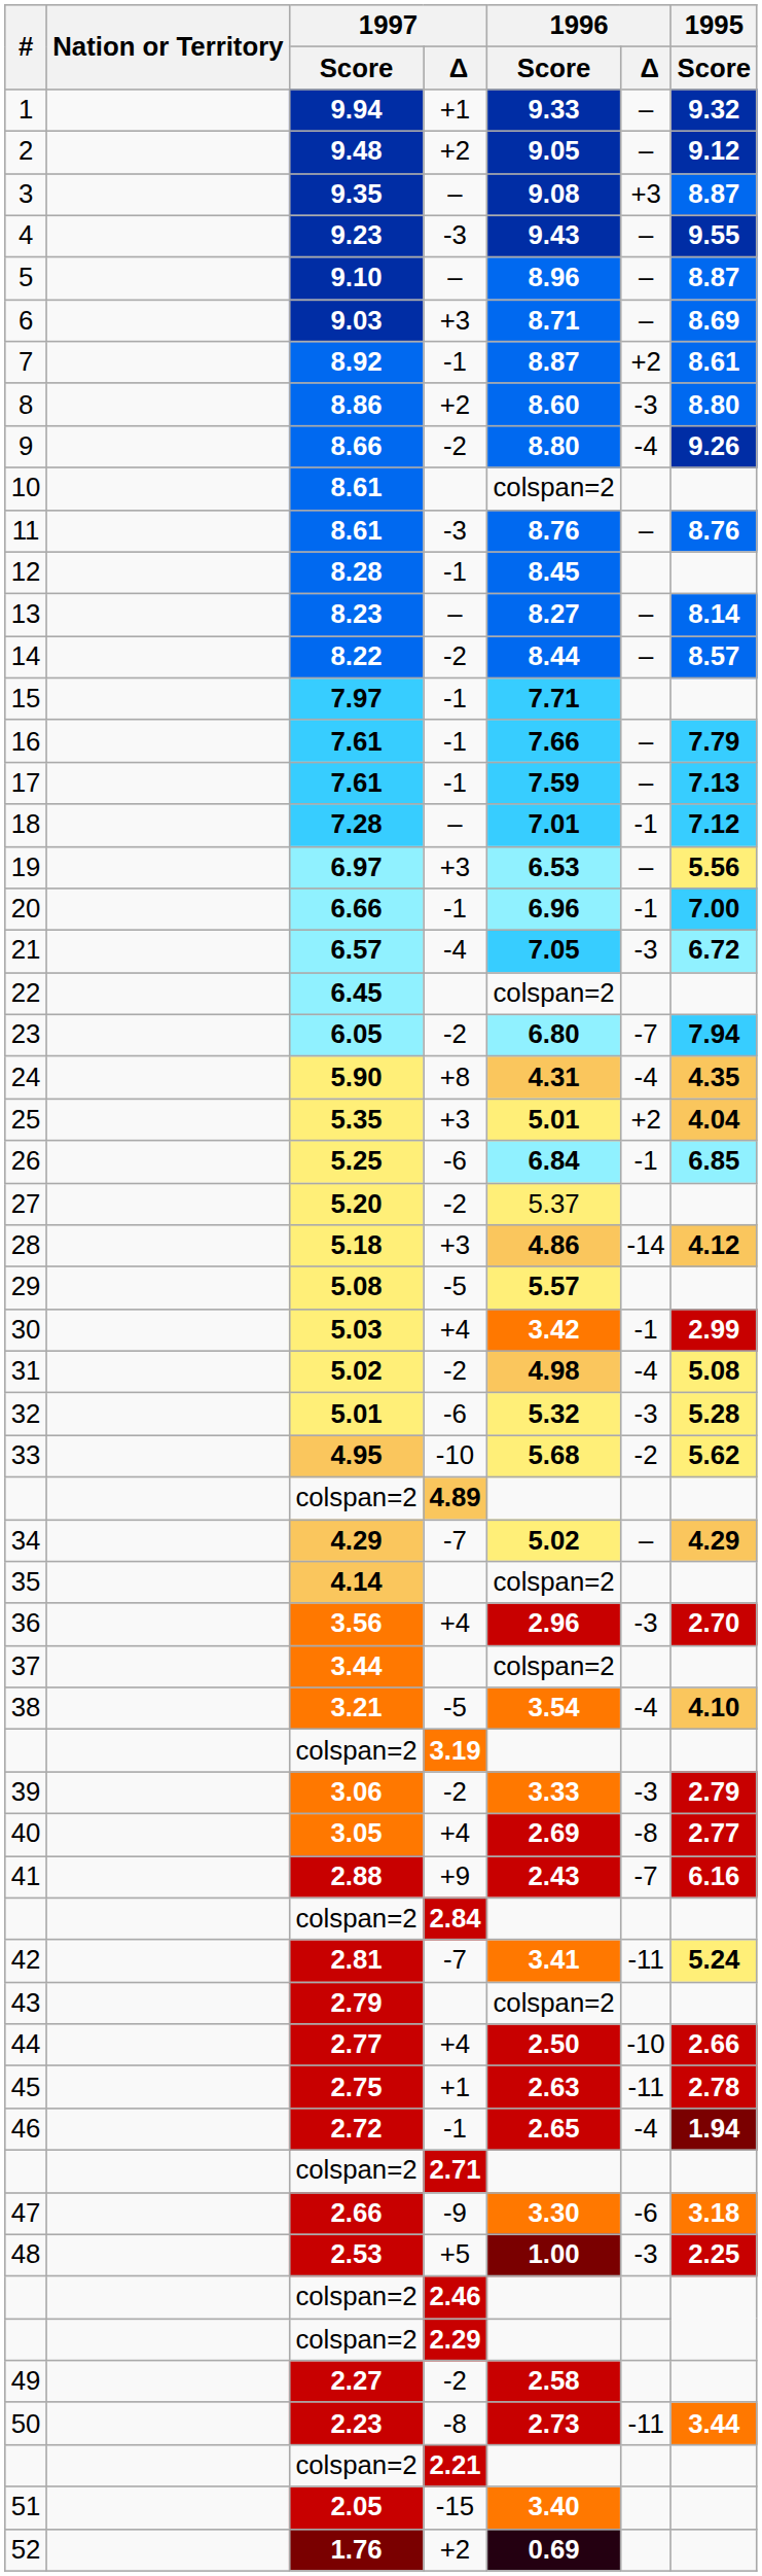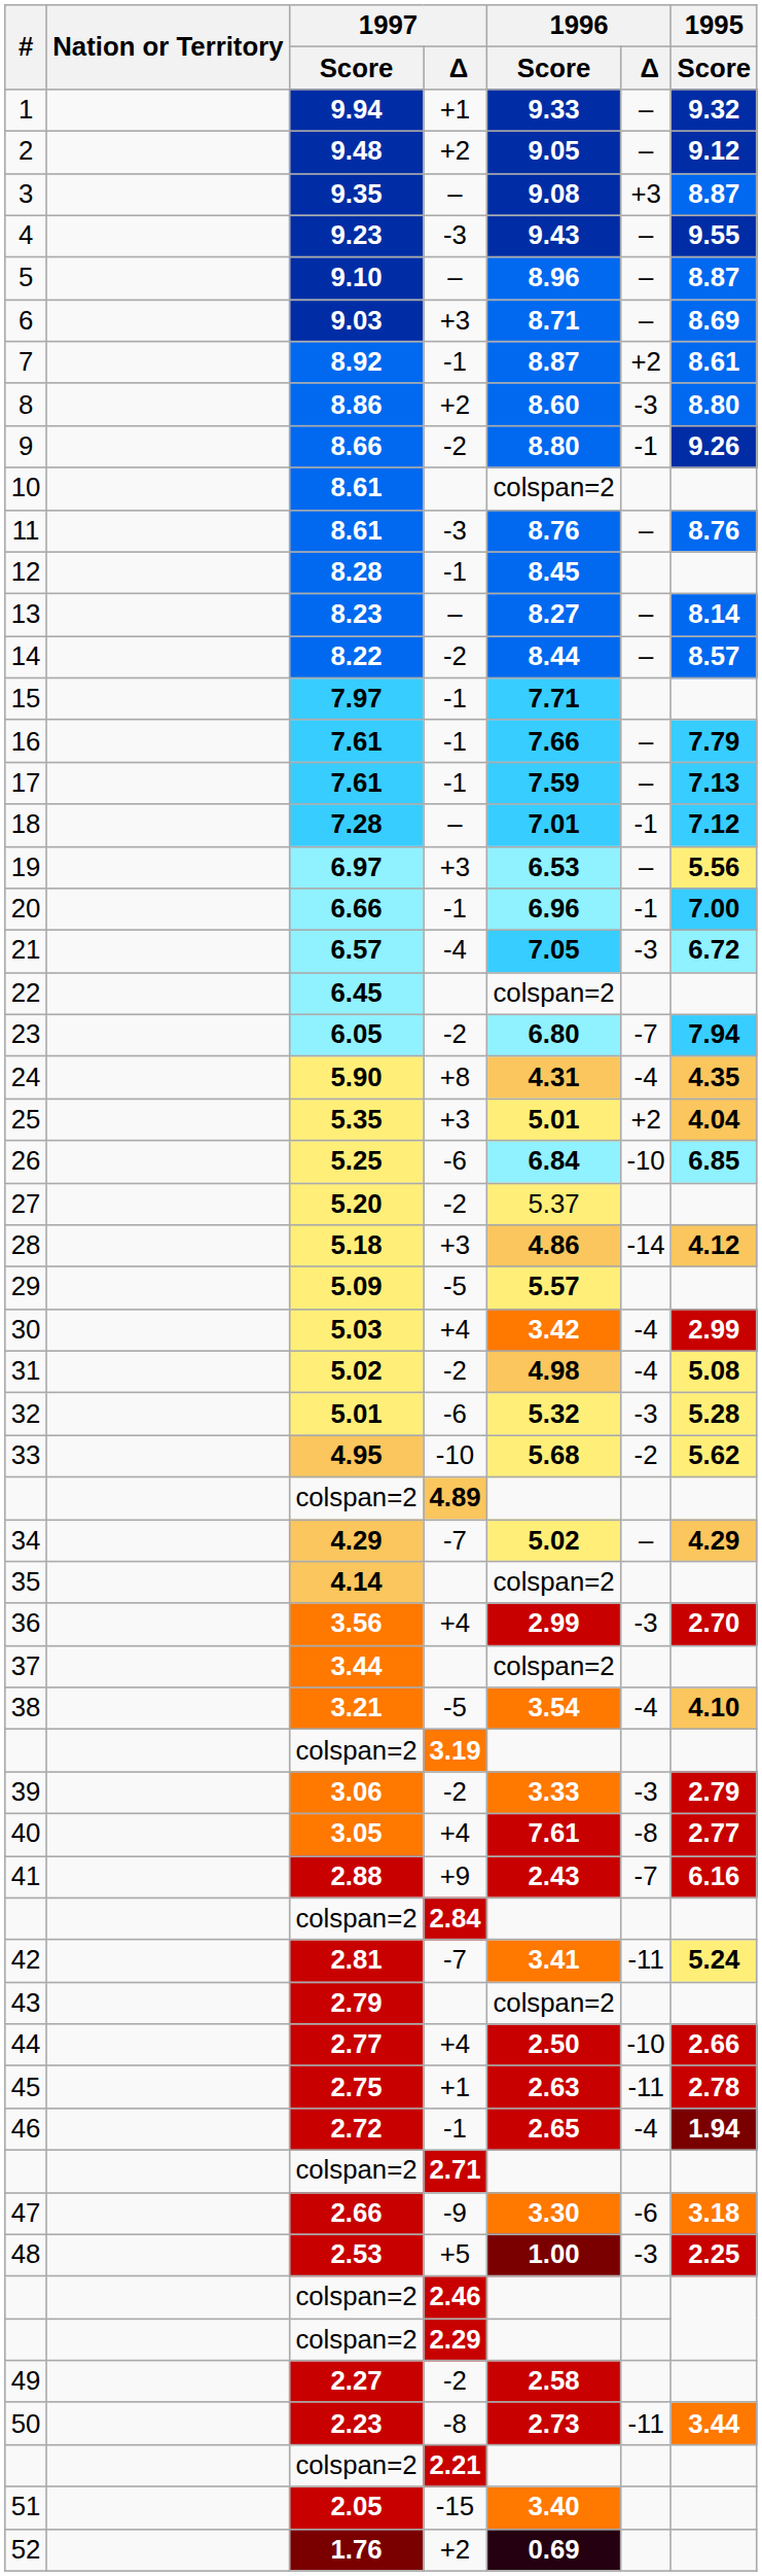 <table class="mw-datatable wikitable sortable sticky-header-multi" style="text-align:center;">
 <tr>
 <th rowspan="2">#</th>
 <th rowspan="2">Nation or Territory</th>
 <th colspan="2">1997</th>
 <th colspan="2">1996</th>
 <th colspan="1">1995</th>
 </tr>
 <tr>
 <th>Score</th>
 <th> Δ</th>
 <th>Score</th>
 <th> Δ</th>
 <th>Score</th>
 </tr>
 <tr>
 <td>1</td>
 <td style="text-align:left;"></td>
 <td style="background: #002da5; color:white"><strong>9.94</strong></td>
 <td data-sort-value="1">+1</td>
 <td style="background: #002da5; color:white"><strong>9.33</strong></td>
 <td data-sort-value="0">–</td>
 <td style="background: #002da5; color:white"><strong>9.32</strong></td>
 </tr>
 <tr>
 <td>2</td>
 <td style="text-align:left;"></td>
 <td style="background: #002da5; color:white"><strong>9.48</strong></td>
 <td data-sort-value="2">+2</td>
 <td style="background: #002da5; color:white"><strong>9.05</strong></td>
 <td data-sort-value="0">–</td>
 <td style="background: #002da5; color:white"><strong>9.12</strong></td>
 </tr>
 <tr>
 <td>3</td>
 <td style="text-align:left;"></td>
 <td style="background: #002da5; color:white"><strong>9.35</strong></td>
 <td data-sort-value="0">–</td>
 <td style="background: #002da5; color:white"><strong>9.08</strong></td>
 <td data-sort-value="3">+3</td>
 <td style="background: #0069f0; color:white"><strong>8.87</strong></td>
 </tr>
 <tr>
 <td>4</td>
 <td style="text-align:left;"></td>
 <td style="background: #002da5; color:white"><strong>9.23</strong></td>
 <td data-sort-value="-3">-3</td>
 <td style="background: #002da5; color:white"><strong>9.43</strong></td>
 <td data-sort-value="0">–</td>
 <td style="background: #002da5; color:white"><strong>9.55</strong></td>
 </tr>
 <tr>
 <td>5</td>
 <td style="text-align:left;"></td>
 <td style="background: #002da5; color:white"><strong>9.10</strong></td>
 <td data-sort-value="0">–</td>
 <td style="background: #0069f0; color:white"><strong>8.96</strong></td>
 <td data-sort-value="0">–</td>
 <td style="background: #0069f0; color:white"><strong>8.87</strong></td>
 </tr>
 <tr>
 <td>6</td>
 <td style="text-align:left;"></td>
 <td style="background: #002da5; color:white"><strong>9.03</strong></td>
 <td data-sort-value="3">+3</td>
 <td style="background: #0069f0; color:white"><strong>8.71</strong></td>
 <td data-sort-value="0">–</td>
 <td style="background: #0069f0; color:white"><strong>8.69</strong></td>
 </tr>
 <tr>
 <td>7</td>
 <td style="text-align:left;"></td>
 <td style="background: #0069f0; color:white"><strong>8.92</strong></td>
 <td data-sort-value="-1">-1</td>
 <td style="background: #0069f0; color:white"><strong>8.87</strong></td>
 <td data-sort-value="2">+2</td>
 <td style="background: #0069f0; color:white"><strong>8.61</strong></td>
 </tr>
 <tr>
 <td>8</td>
 <td style="text-align:left;"></td>
 <td style="background: #0069f0; color:white"><strong>8.86</strong></td>
 <td data-sort-value="2">+2</td>
 <td style="background: #0069f0; color:white"><strong>8.60</strong></td>
 <td data-sort-value="-3">-3</td>
 <td style="background: #0069f0; color:white"><strong>8.80</strong></td>
 </tr>
 <tr>
 <td>9</td>
 <td style="text-align:left;"></td>
 <td style="background: #0069f0; color:white"><strong>8.66</strong></td>
 <td data-sort-value="-2">-2</td>
 <td style="background: #0069f0; color:white"><strong>8.80</strong></td>
-<td data-sort-value="-4">-4</td>
+<td data-sort-value="-1">-1</td>
 <td style="background: #002da5; color:white"><strong>9.26</strong></td>
 </tr>
 <tr>
 <td>10</td>
 <td style="text-align:left;"></td>
 <td style="background: #0069f0; color:white"><strong>8.61</strong></td>
 <td></td>
 <td>colspan=2 </td>
 <td></td>
 </tr>
 <tr>
 <td>11</td>
 <td style="text-align:left;"></td>
 <td style="background: #0069f0; color:white"><strong>8.61</strong></td>
 <td data-sort-value="-3">-3</td>
 <td style="background: #0069f0; color:white"><strong>8.76</strong></td>
 <td data-sort-value="0">–</td>
 <td style="background: #0069f0; color:white"><strong>8.76</strong></td>
 </tr>
 <tr>
 <td>12</td>
 <td style="text-align:left;"></td>
 <td style="background: #0069f0; color:white"><strong>8.28</strong></td>
 <td data-sort-value="-1">-1</td>
 <td style="background: #0069f0; color:white"><strong>8.45</strong></td>
 <td></td>
 <td></td>
 </tr>
 <tr>
 <td>13</td>
 <td style="text-align:left;"></td>
 <td style="background: #0069f0; color:white"><strong>8.23</strong></td>
 <td data-sort-value="0">–</td>
 <td style="background: #0069f0; color:white"><strong>8.27</strong></td>
 <td data-sort-value="0">–</td>
 <td style="background: #0069f0; color:white"><strong>8.14</strong></td>
 </tr>
 <tr>
 <td>14</td>
 <td style="text-align:left;"></td>
 <td style="background: #0069f0; color:white"><strong>8.22</strong></td>
 <td data-sort-value="-2">-2</td>
 <td style="background: #0069f0; color:white"><strong>8.44</strong></td>
 <td data-sort-value="0">–</td>
 <td style="background: #0069f0; color:white"><strong>8.57</strong></td>
 </tr>
 <tr>
 <td>15</td>
 <td style="text-align:left;"></td>
 <td style="background: #37cdff; color:black"><strong>7.97</strong></td>
 <td data-sort-value="-1">-1</td>
 <td style="background: #37cdff; color:black"><strong>7.71</strong></td>
 <td></td>
 <td></td>
 </tr>
 <tr>
 <td>16</td>
 <td style="text-align:left;"></td>
 <td style="background: #37cdff; color:black"><strong>7.61</strong></td>
 <td data-sort-value="-1">-1</td>
 <td style="background: #37cdff; color:black"><strong>7.66</strong></td>
 <td data-sort-value="0">–</td>
 <td style="background: #37cdff; color:black"><strong>7.79</strong></td>
 </tr>
 <tr>
 <td>17</td>
 <td style="text-align:left;"></td>
 <td style="background: #37cdff; color:black"><strong>7.61</strong></td>
 <td data-sort-value="-1">-1</td>
 <td style="background: #37cdff; color:black"><strong>7.59</strong></td>
 <td data-sort-value="0">–</td>
 <td style="background: #37cdff; color:black"><strong>7.13</strong></td>
 </tr>
 <tr>
 <td>18</td>
 <td style="text-align:left;"></td>
 <td style="background: #37cdff; color:black"><strong>7.28</strong></td>
 <td data-sort-value="0">–</td>
 <td style="background: #37cdff; color:black"><strong>7.01</strong></td>
 <td data-sort-value="-1">-1</td>
 <td style="background: #37cdff; color:black"><strong>7.12</strong></td>
 </tr>
 <tr>
 <td>19</td>
 <td style="text-align:left;"></td>
 <td style="background: #90f1ff"><strong>6.97</strong></td>
 <td data-sort-value="3">+3</td>
 <td style="background: #90f1ff"><strong>6.53</strong></td>
 <td data-sort-value="0">–</td>
 <td style="background: #ffef78"><strong>5.56</strong></td>
 </tr>
 <tr>
 <td>20</td>
 <td style="text-align:left;"></td>
 <td style="background: #90f1ff"><strong>6.66</strong></td>
 <td data-sort-value="-1">-1</td>
 <td style="background: #90f1ff"><strong>6.96</strong></td>
 <td data-sort-value="-1">-1</td>
 <td style="background: #37cdff; color:black"><strong>7.00</strong></td>
 </tr>
 <tr>
 <td>21</td>
 <td style="text-align:left;"></td>
 <td style="background: #90f1ff"><strong>6.57</strong></td>
 <td data-sort-value="-4">-4</td>
 <td style="background: #37cdff; color:black"><strong>7.05</strong></td>
 <td data-sort-value="-3">-3</td>
 <td style="background: #90f1ff"><strong>6.72</strong></td>
 </tr>
 <tr>
 <td>22</td>
 <td style="text-align:left;"></td>
 <td style="background: #90f1ff"><strong>6.45</strong></td>
 <td></td>
 <td>colspan=2 </td>
 <td></td>
 </tr>
 <tr>
 <td>23</td>
 <td style="text-align:left;"></td>
 <td style="background: #90f1ff"><strong>6.05</strong></td>
 <td data-sort-value="-2">-2</td>
 <td style="background: #90f1ff"><strong>6.80</strong></td>
 <td data-sort-value="-7">-7</td>
 <td style="background: #37cdff; color:black"><strong>7.94</strong></td>
 </tr>
 <tr>
 <td>24</td>
 <td style="text-align:left;"></td>
 <td style="background: #ffef78"><strong>5.90</strong></td>
 <td data-sort-value="8">+8</td>
 <td style="background: #fac65d"><strong>4.31</strong></td>
 <td data-sort-value="-4">-4</td>
 <td style="background: #fac65d"><strong>4.35</strong></td>
 </tr>
 <tr>
 <td>25</td>
 <td style="text-align:left;"></td>
 <td style="background: #ffef78"><strong>5.35</strong></td>
 <td data-sort-value="3">+3</td>
 <td style="background: #ffef78"><strong>5.01</strong></td>
 <td data-sort-value="2">+2</td>
 <td style="background: #fac65d"><strong>4.04</strong></td>
 </tr>
 <tr>
 <td>26</td>
 <td style="text-align:left;"></td>
 <td style="background: #ffef78"><strong>5.25</strong></td>
 <td data-sort-value="-6">-6</td>
 <td style="background: #90f1ff"><strong>6.84</strong></td>
-<td data-sort-value="-1">-1</td>
+<td data-sort-value="-10">-10</td>
 <td style="background: #90f1ff"><strong>6.85</strong></td>
 </tr>
 <tr>
 <td>27</td>
 <td style="text-align:left;"></td>
 <td style="background: #ffef78"><strong>5.20</strong></td>
 <td data-sort-value="-2">-2</td>
 <td style="background: #ffef78">5.37</td>
 <td></td>
 <td></td>
 </tr>
 <tr>
 <td>28</td>
 <td style="text-align:left;"></td>
 <td style="background: #ffef78"><strong>5.18</strong></td>
 <td data-sort-value="3">+3</td>
 <td style="background: #fac65d"><strong>4.86</strong></td>
 <td data-sort-value="-14">-14</td>
 <td style="background: #fac65d"><strong>4.12</strong></td>
 </tr>
 <tr>
 <td>29</td>
 <td style="text-align:left;"></td>
-<td style="background: #ffef78"><strong>5.08</strong></td>
+<td style="background: #ffef78"><strong>5.09</strong></td>
 <td data-sort-value="-5">-5</td>
 <td style="background: #ffef78"><strong>5.57</strong></td>
 <td></td>
 <td></td>
 </tr>
 <tr>
 <td>30</td>
 <td style="text-align:left;"></td>
 <td style="background: #ffef78"><strong>5.03</strong></td>
 <td data-sort-value="4">+4</td>
 <td style="background: #ff7800; color:white"><strong>3.42</strong></td>
-<td data-sort-value="-1">-1</td>
+<td data-sort-value="-4">-4</td>
 <td style="background: #c80000; color:white"><strong>2.99</strong></td>
 </tr>
 <tr>
 <td>31</td>
 <td style="text-align:left;"></td>
 <td style="background: #ffef78"><strong>5.02</strong></td>
 <td data-sort-value="-2">-2</td>
 <td style="background: #fac65d"><strong>4.98</strong></td>
 <td data-sort-value="-4">-4</td>
 <td style="background: #ffef78"><strong>5.08</strong></td>
 </tr>
 <tr>
 <td>32</td>
 <td style="text-align:left;"></td>
 <td style="background: #ffef78"><strong>5.01</strong></td>
 <td data-sort-value="-6">-6</td>
 <td style="background: #ffef78"><strong>5.32</strong></td>
 <td data-sort-value="-3">-3</td>
 <td style="background: #ffef78"><strong>5.28</strong></td>
 </tr>
 <tr>
 <td>33</td>
 <td style="text-align:left;"></td>
 <td style="background: #fac65d"><strong>4.95</strong></td>
 <td data-sort-value="-10">-10</td>
 <td style="background: #ffef78"><strong>5.68</strong></td>
 <td data-sort-value="-2">-2</td>
 <td style="background: #ffef78"><strong>5.62</strong></td>
 </tr>
 <tr>
 <td></td>
 <td style="text-align:left;"></td>
 <td>colspan=2 </td>
 <td style="background: #fac65d"><strong>4.89</strong></td>
 <td></td>
 <td></td>
 </tr>
 <tr>
 <td>34</td>
 <td style="text-align:left;"></td>
 <td style="background: #fac65d"><strong>4.29</strong></td>
 <td data-sort-value="-7">-7</td>
 <td style="background: #ffef78"><strong>5.02</strong></td>
 <td data-sort-value="0">–</td>
 <td style="background: #fac65d"><strong>4.29</strong></td>
 </tr>
 <tr>
 <td>35</td>
 <td style="text-align:left;"></td>
 <td style="background: #fac65d"><strong>4.14</strong></td>
 <td></td>
 <td>colspan=2 </td>
 <td></td>
 </tr>
 <tr>
 <td>36</td>
 <td style="text-align:left;"></td>
 <td style="background: #ff7800; color:white"><strong>3.56</strong></td>
 <td data-sort-value="4">+4</td>
-<td style="background: #c80000; color:white"><strong>2.96</strong></td>
+<td style="background: #c80000; color:white"><strong>2.99</strong></td>
 <td data-sort-value="-3">-3</td>
 <td style="background: #c80000; color:white"><strong>2.70</strong></td>
 </tr>
 <tr>
 <td>37</td>
 <td style="text-align:left;"></td>
 <td style="background: #ff7800; color:white"><strong>3.44</strong></td>
 <td></td>
 <td>colspan=2 </td>
 <td></td>
 </tr>
 <tr>
 <td>38</td>
 <td style="text-align:left;"></td>
 <td style="background: #ff7800; color:white"><strong>3.21</strong></td>
 <td data-sort-value="-5">-5</td>
 <td style="background: #ff7800; color:white"><strong>3.54</strong></td>
 <td data-sort-value="-4">-4</td>
 <td style="background: #fac65d"><strong>4.10</strong></td>
 </tr>
 <tr>
 <td></td>
 <td style="text-align:left;"></td>
 <td>colspan=2 </td>
 <td style="background: #ff7800; color:white"><strong>3.19</strong></td>
 <td></td>
 <td></td>
 </tr>
 <tr>
 <td>39</td>
 <td style="text-align:left;"></td>
 <td style="background: #ff7800; color:white"><strong>3.06</strong></td>
 <td data-sort-value="-2">-2</td>
 <td style="background: #ff7800; color:white"><strong>3.33</strong></td>
 <td data-sort-value="-3">-3</td>
 <td style="background: #c80000; color:white"><strong>2.79</strong></td>
 </tr>
 <tr>
 <td>40</td>
 <td style="text-align:left;"></td>
 <td style="background: #ff7800; color:white"><strong>3.05</strong></td>
 <td data-sort-value="4">+4</td>
-<td style="background: #c80000; color:white"><strong>2.69</strong></td>
+<td style="background: #c80000; color:white"><strong>7.61</strong></td>
 <td data-sort-value="-8">-8</td>
 <td style="background: #c80000; color:white"><strong>2.77</strong></td>
 </tr>
 <tr>
 <td>41</td>
 <td style="text-align:left;"></td>
 <td style="background: #c80000; color:white"><strong>2.88</strong></td>
 <td data-sort-value="9">+9</td>
 <td style="background: #c80000; color:white"><strong>2.43</strong></td>
 <td data-sort-value="-7">-7</td>
 <td style="background: #c80000; color:white"><strong>6.16</strong></td>
 </tr>
 <tr>
 <td></td>
 <td style="text-align:left;"></td>
 <td>colspan=2 </td>
 <td style="background: #c80000; color:white"><strong>2.84</strong></td>
 <td></td>
 <td></td>
 </tr>
 <tr>
 <td>42</td>
 <td style="text-align:left;"></td>
 <td style="background: #c80000; color:white"><strong>2.81</strong></td>
 <td data-sort-value="-7">-7</td>
 <td style="background: #ff7800; color:white"><strong>3.41</strong></td>
 <td data-sort-value="-11">-11</td>
 <td style="background: #ffef78"><strong>5.24</strong></td>
 </tr>
 <tr>
 <td>43</td>
 <td style="text-align:left;"></td>
 <td style="background: #c80000; color:white"><strong>2.79</strong></td>
 <td></td>
 <td>colspan=2 </td>
 <td></td>
 </tr>
 <tr>
 <td>44</td>
 <td style="text-align:left;"></td>
 <td style="background: #c80000; color:white"><strong>2.77</strong></td>
 <td data-sort-value="4">+4</td>
 <td style="background: #c80000; color:white"><strong>2.50</strong></td>
 <td data-sort-value="-10">-10</td>
 <td style="background: #c80000; color:white"><strong>2.66</strong></td>
 </tr>
 <tr>
 <td>45</td>
 <td style="text-align:left;"></td>
 <td style="background: #c80000; color:white"><strong>2.75</strong></td>
 <td data-sort-value="1">+1</td>
 <td style="background: #c80000; color:white"><strong>2.63</strong></td>
 <td data-sort-value="-11">-11</td>
 <td style="background: #c80000; color:white"><strong>2.78</strong></td>
 </tr>
 <tr>
 <td>46</td>
 <td style="text-align:left;"></td>
 <td style="background: #c80000; color:white"><strong>2.72</strong></td>
 <td data-sort-value="-1">-1</td>
 <td style="background: #c80000; color:white"><strong>2.65</strong></td>
 <td data-sort-value="-4">-4</td>
 <td style="background: #7a0000; color:white"><strong>1.94</strong></td>
 </tr>
 <tr>
 <td></td>
 <td style="text-align:left;"></td>
 <td>colspan=2 </td>
 <td style="background: #c80000; color:white"><strong>2.71</strong></td>
 <td></td>
 <td></td>
 </tr>
 <tr>
 <td>47</td>
 <td style="text-align:left;"></td>
 <td style="background: #c80000; color:white"><strong>2.66</strong></td>
 <td data-sort-value="-9">-9</td>
 <td style="background: #ff7800; color:white"><strong>3.30</strong></td>
 <td data-sort-value="-6">-6</td>
 <td style="background: #ff7800; color:white"><strong>3.18</strong></td>
 </tr>
 <tr>
 <td>48</td>
 <td style="text-align:left;"></td>
 <td style="background: #c80000; color:white"><strong>2.53</strong></td>
 <td data-sort-value="5">+5</td>
 <td style="background: #7a0000; color:white"><strong>1.00</strong></td>
 <td data-sort-value="-3">-3</td>
 <td style="background: #c80000; color:white"><strong>2.25</strong></td>
 </tr>
 <tr>
 <td></td>
 <td style="text-align:left;"></td>
 <td>colspan=2 </td>
 <td style="background: #c80000; color:white"><strong>2.46</strong></td>
 <td></td>
 <td></td>
 </tr>
 <tr>
 <td></td>
 <td style="text-align:left;"></td>
 <td>colspan=2 </td>
 <td style="background: #c80000; color:white"><strong>2.29</strong></td>
 <td></td>
 <td></td>
 </tr>
 <tr>
 <td>49</td>
 <td style="text-align:left;"></td>
 <td style="background: #c80000; color:white"><strong>2.27</strong></td>
 <td data-sort-value="-2">-2</td>
 <td style="background: #c80000; color:white"><strong>2.58</strong></td>
 <td></td>
 <td></td>
 </tr>
 <tr>
 <td>50</td>
 <td style="text-align:left;"></td>
 <td style="background: #c80000; color:white"><strong>2.23</strong></td>
 <td data-sort-value="-8">-8</td>
 <td style="background: #c80000; color:white"><strong>2.73</strong></td>
 <td data-sort-value="-11">-11</td>
 <td style="background: #ff7800; color:white"><strong>3.44</strong></td>
 </tr>
 <tr>
 <td></td>
 <td style="text-align:left;"></td>
 <td>colspan=2 </td>
 <td style="background: #c80000; color:white"><strong>2.21</strong></td>
 <td></td>
 <td></td>
 </tr>
 <tr>
 <td>51</td>
 <td style="text-align:left;"></td>
 <td style="background: #c80000; color:white"><strong>2.05</strong></td>
 <td data-sort-value="-15">-15</td>
 <td style="background: #ff7800; color:white"><strong>3.40</strong></td>
 <td></td>
 <td></td>
 </tr>
 <tr>
 <td>52</td>
 <td style="text-align:left;"></td>
 <td style="background: #7a0000; color:white"><strong>1.76</strong></td>
 <td data-sort-value="2">+2</td>
 <td style="background: #240011; color:white"><strong>0.69</strong></td>
 <td></td>
 <td></td>
 </tr>
 </table>
